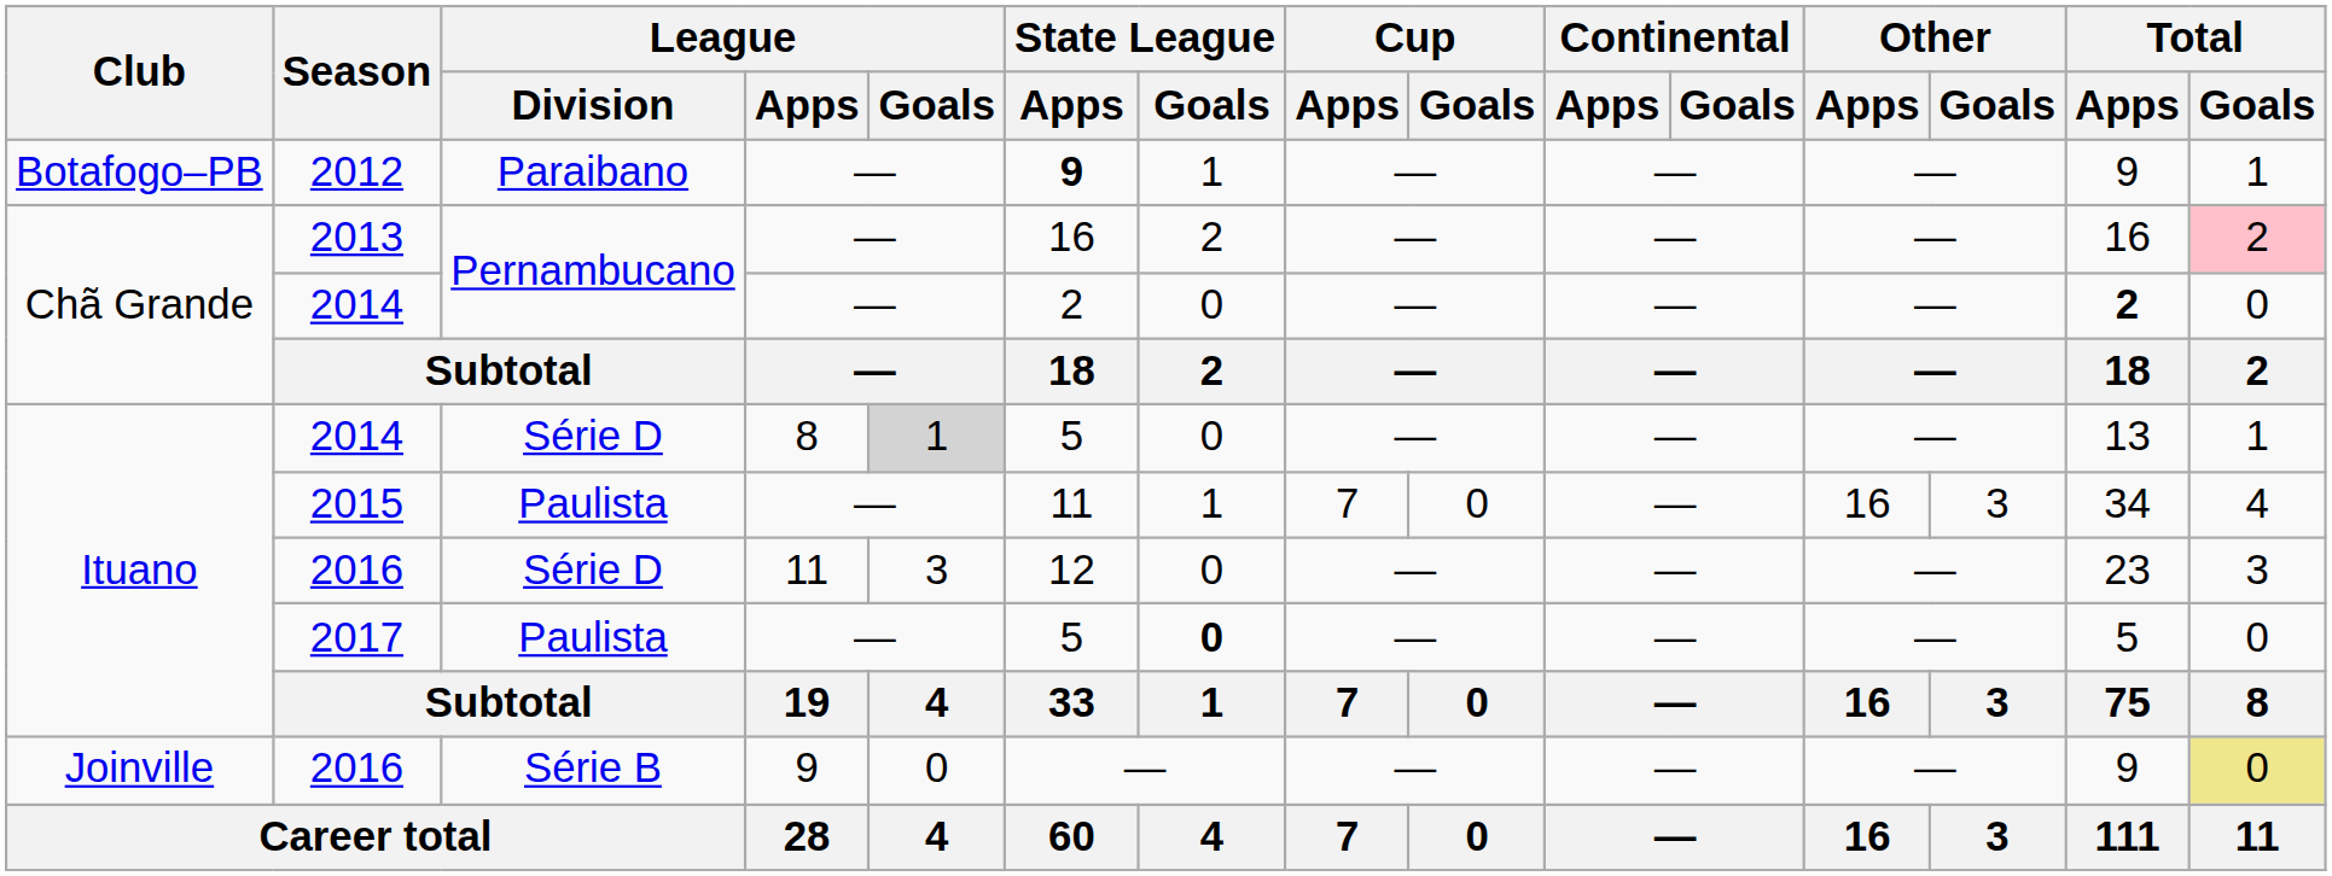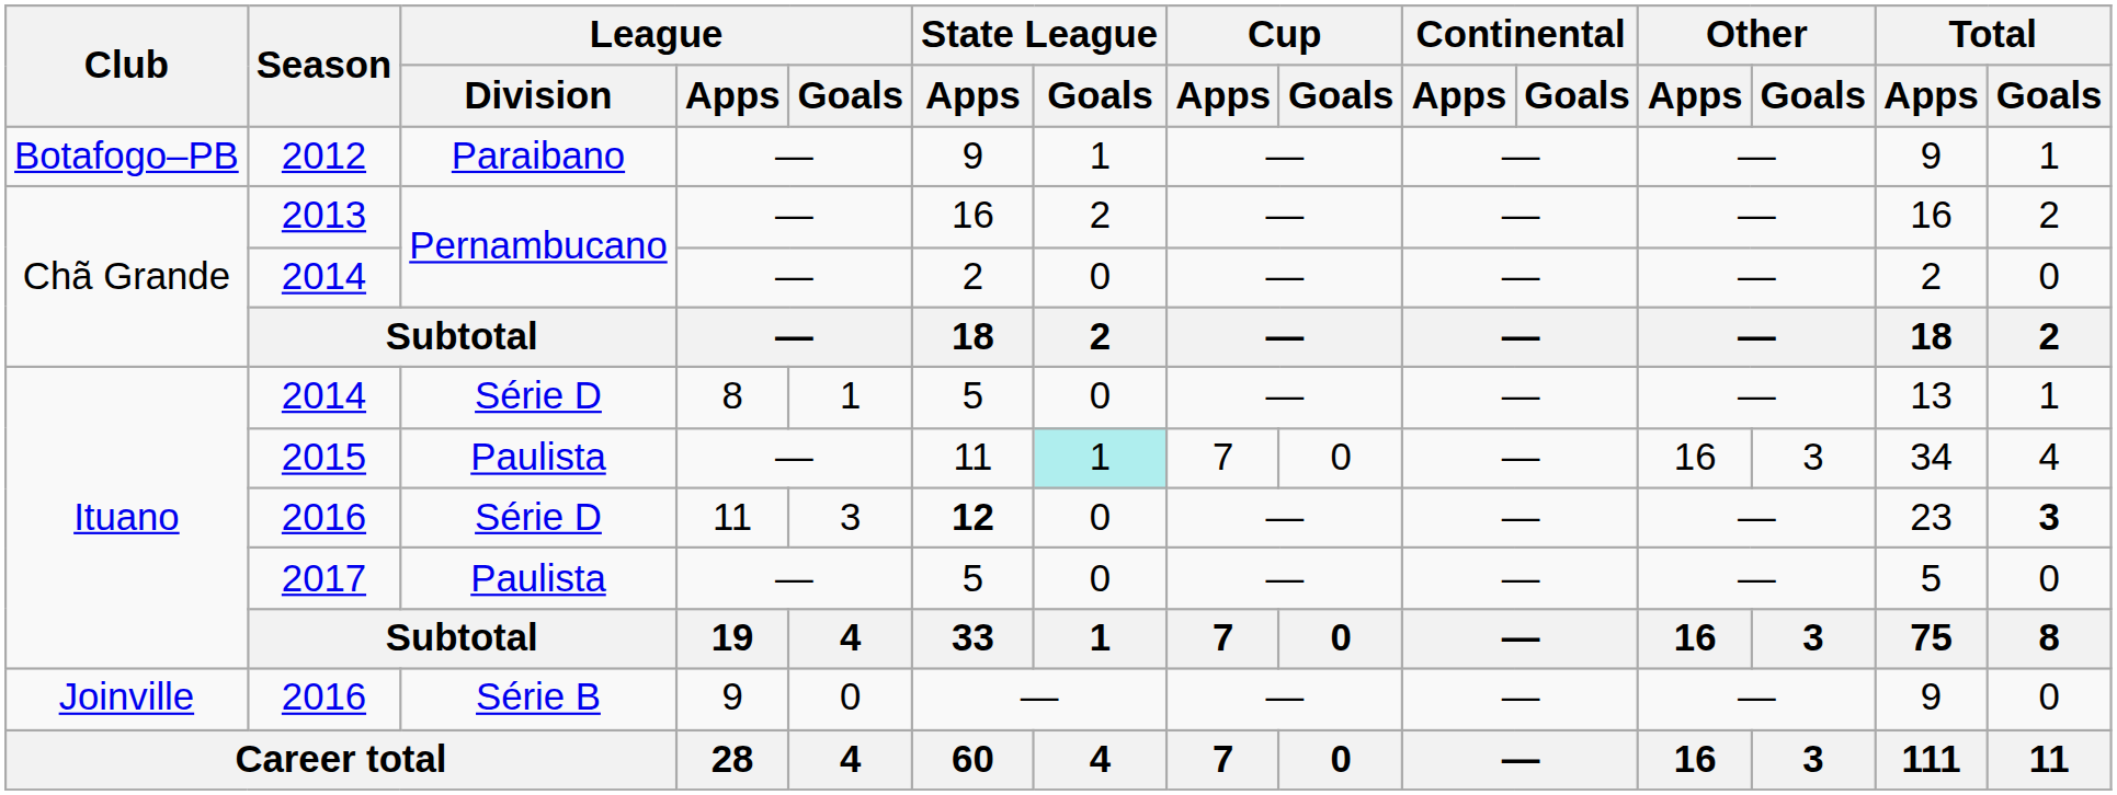 <table class="wikitable" style="text-align: center;">
 <tr>
 <th rowspan="2">Club</th>
 <th rowspan="2">Season</th>
 <th colspan="3">League</th>
 <th colspan="2">State League</th>
 <th colspan="2">Cup</th>
 <th colspan="2">Continental</th>
 <th colspan="2">Other</th>
 <th colspan="2">Total</th>
 </tr>
 <tr>
 <th>Division</th>
 <th>Apps</th>
 <th>Goals</th>
 <th>Apps</th>
 <th>Goals</th>
 <th>Apps</th>
 <th>Goals</th>
 <th>Apps</th>
 <th>Goals</th>
 <th>Apps</th>
 <th>Goals</th>
 <th>Apps</th>
 <th>Goals</th>
 </tr>
 <tr>
 <td align="center"><a href='#'>Botafogo–PB</a></td>
 <td><a href='#'>2012</a></td>
 <td><a href='#'>Paraibano</a></td>
 <td colspan="2">—</td>
-<td><strong>9</strong></td>
+<td>9</td>
 <td>1</td>
 <td colspan="2">—</td>
 <td colspan="2">—</td>
 <td colspan="2">—</td>
 <td>9</td>
 <td>1</td>
 </tr>
 <tr>
 <td rowspan=3 align="center">Chã Grande</td>
 <td><a href='#'>2013</a></td>
 <td rowspan=2><a href='#'>Pernambucano</a></td>
 <td colspan="2">—</td>
 <td>16</td>
 <td>2</td>
 <td colspan="2">—</td>
 <td colspan="2">—</td>
 <td colspan="2">—</td>
 <td>16</td>
-<td style="background: pink;">2</td>
+<td>2</td>
 </tr>
 <tr>
 <td><a href='#'>2014</a></td>
 <td colspan="2">—</td>
 <td>2</td>
 <td>0</td>
 <td colspan="2">—</td>
 <td colspan="2">—</td>
 <td colspan="2">—</td>
-<td><strong>2</strong></td>
+<td>2</td>
 <td>0</td>
 </tr>
 <tr>
 <th colspan="2">Subtotal</th>
 <th colspan="2">—</th>
 <th>18</th>
 <th>2</th>
 <th colspan="2">—</th>
 <th colspan="2">—</th>
 <th colspan="2">—</th>
 <th>18</th>
 <th>2</th>
 </tr>
 <tr>
 <td rowspan=5 align="center"><a href='#'>Ituano</a></td>
 <td><a href='#'>2014</a></td>
 <td><a href='#'>Série D</a></td>
 <td>8</td>
-<td style="background: lightgrey;">1</td>
+<td>1</td>
 <td>5</td>
 <td>0</td>
 <td colspan="2">—</td>
 <td colspan="2">—</td>
 <td colspan="2">—</td>
 <td>13</td>
 <td>1</td>
 </tr>
 <tr>
 <td><a href='#'>2015</a></td>
 <td><a href='#'>Paulista</a></td>
 <td colspan="2">—</td>
 <td>11</td>
-<td>1</td>
+<td style="background: paleturquoise;">1</td>
 <td>7</td>
 <td>0</td>
 <td colspan="2">—</td>
 <td>16</td>
 <td>3</td>
 <td>34</td>
 <td>4</td>
 </tr>
 <tr>
 <td><a href='#'>2016</a></td>
 <td><a href='#'>Série D</a></td>
 <td>11</td>
 <td>3</td>
-<td>12</td>
+<td><strong>12</strong></td>
 <td>0</td>
 <td colspan="2">—</td>
 <td colspan="2">—</td>
 <td colspan="2">—</td>
 <td>23</td>
-<td>3</td>
+<td><strong>3</strong></td>
 </tr>
 <tr>
 <td><a href='#'>2017</a></td>
 <td><a href='#'>Paulista</a></td>
 <td colspan="2">—</td>
 <td>5</td>
-<td><strong>0</strong></td>
+<td>0</td>
 <td colspan="2">—</td>
 <td colspan="2">—</td>
 <td colspan="2">—</td>
 <td>5</td>
 <td>0</td>
 </tr>
 <tr>
 <th colspan="2">Subtotal</th>
 <th>19</th>
 <th>4</th>
 <th>33</th>
 <th>1</th>
 <th>7</th>
 <th>0</th>
 <th colspan="2">—</th>
 <th>16</th>
 <th>3</th>
 <th>75</th>
 <th>8</th>
 </tr>
 <tr>
 <td align="center"><a href='#'>Joinville</a></td>
 <td><a href='#'>2016</a></td>
 <td><a href='#'>Série B</a></td>
 <td>9</td>
 <td>0</td>
 <td colspan="2">—</td>
 <td colspan="2">—</td>
 <td colspan="2">—</td>
 <td colspan="2">—</td>
 <td>9</td>
-<td style="background: khaki;">0</td>
+<td>0</td>
 </tr>
 <tr>
 <th colspan="3"><strong>Career total</strong></th>
 <th>28</th>
 <th>4</th>
 <th>60</th>
 <th>4</th>
 <th>7</th>
 <th>0</th>
 <th colspan="2">—</th>
 <th>16</th>
 <th>3</th>
 <th>111</th>
 <th>11</th>
 </tr>
 </table>
